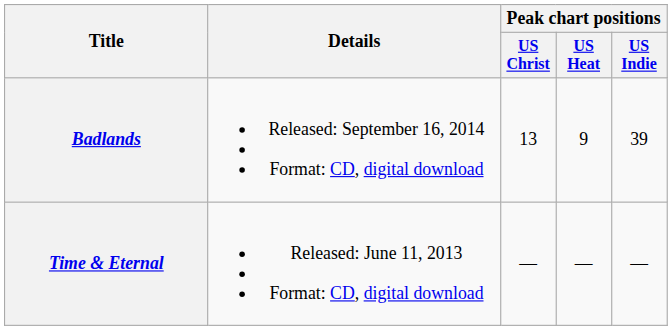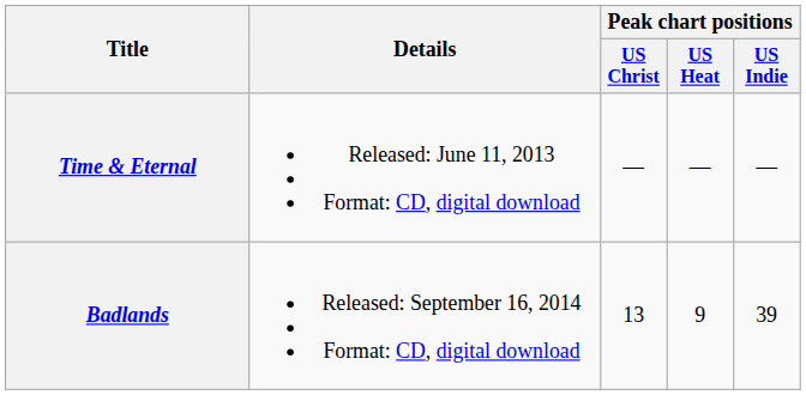 <table class="wikitable plainrowheaders" style="text-align:center;">
 <tr>
 <th scope="col" rowspan="2" style="width:11em;">Title</th>
 <th scope="col" rowspan="2" style="width:16em;">Details</th>
 <th scope="col" colspan="3">Peak chart positions</th>
 </tr>
 <tr>
 <th style="width:3em; font-size:90%"><a href='#'>US<br>Christ</a><br></th>
 <th style="width:3em; font-size:90%"><a href='#'>US<br>Heat</a><br></th>
 <th style="width:3em; font-size:90%"><a href='#'>US<br>Indie</a><br></th>
 </tr>
 <tr>
+<th scope="row"><em><a href='#'>Time & Eternal</a></em></th>
+<td><br><ul><li>Released: June 11, 2013</li><li></li><li>Format: <a href='#'>CD</a>, <a href='#'>digital download</a></li></ul></td>
+<td>—</td>
+<td>—</td>
+<td>—</td>
+</tr>
+<tr>
 <th scope="row"><em><a href='#'>Badlands</a></em></th>
 <td><br><ul><li>Released: September 16, 2014</li><li></li><li>Format: <a href='#'>CD</a>, <a href='#'>digital download</a></li></ul></td>
 <td>13</td>
 <td>9</td>
 <td>39</td>
 </tr>
-<tr>
-<th scope="row"><em><a href='#'>Time & Eternal</a></em></th>
-<td><br><ul><li>Released: June 11, 2013</li><li></li><li>Format: <a href='#'>CD</a>, <a href='#'>digital download</a></li></ul></td>
-<td>—</td>
-<td>—</td>
-<td>—</td>
-</tr>
 </table>
